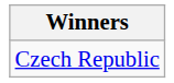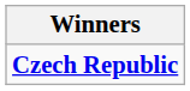 <table class=wikitable style="text-align:center; margin:auto">
 <tr>
 <th>Winners</th>
 </tr>
 <tr>
-<td> <a href='#'>Czech Republic</a></td>
+<td><strong> <a href='#'>Czech Republic</a></strong></td>
 </tr>
 </table>
